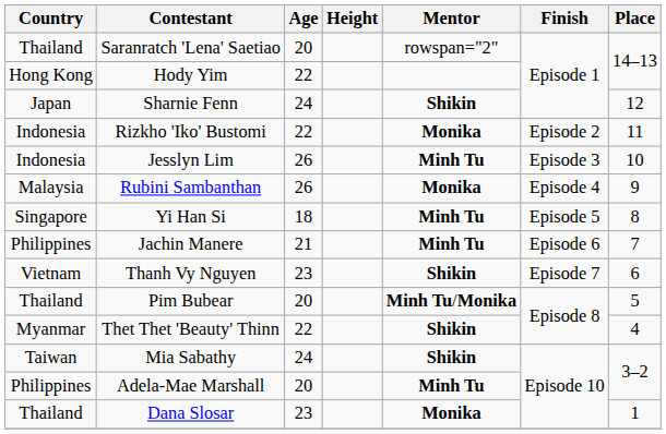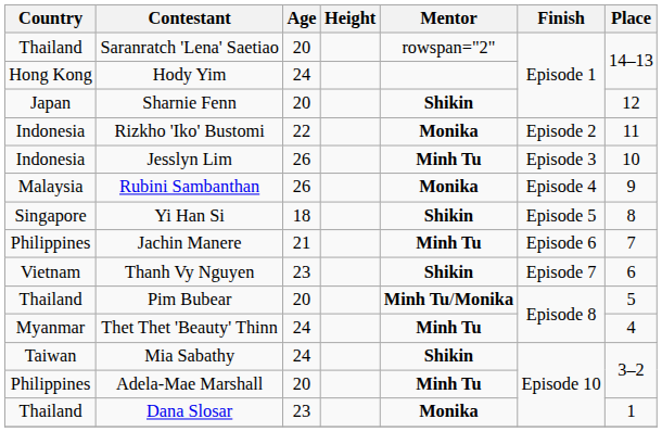 <table class="wikitable sortable" style="text-align:center;">
 <tr>
 <th>Country</th>
 <th>Contestant</th>
 <th>Age</th>
 <th>Height</th>
 <th>Mentor</th>
 <th>Finish</th>
 <th>Place</th>
 </tr>
 <tr>
 <td>Thailand</td>
 <td>Saranratch 'Lena' Saetiao</td>
 <td>20</td>
 <td></td>
 <td>rowspan="2" </td>
 <td rowspan="3">Episode 1</td>
 <td rowspan="2">14–13</td>
 </tr>
 <tr>
 <td>Hong Kong</td>
 <td>Hody Yim</td>
-<td>22</td>
+<td>24</td>
 <td></td>
 </tr>
 <tr>
 <td>Japan</td>
 <td>Sharnie Fenn</td>
-<td>24</td>
+<td>20</td>
 <td></td>
 <td><strong><span>Shikin</span></strong></td>
 <td>12</td>
 </tr>
 <tr>
 <td>Indonesia</td>
 <td>Rizkho 'Iko' Bustomi</td>
 <td>22</td>
 <td></td>
 <td><strong><span>Monika</span></strong></td>
 <td>Episode 2</td>
 <td>11</td>
 </tr>
 <tr>
 <td>Indonesia</td>
 <td>Jesslyn Lim</td>
 <td>26</td>
 <td></td>
 <td><strong><span>Minh Tu</span></strong></td>
 <td>Episode 3</td>
 <td>10</td>
 </tr>
 <tr>
 <td>Malaysia</td>
 <td><a href='#'>Rubini Sambanthan</a></td>
 <td>26</td>
 <td></td>
 <td><strong><span>Monika</span></strong></td>
 <td>Episode 4</td>
 <td>9</td>
 </tr>
 <tr>
 <td>Singapore</td>
 <td>Yi Han Si</td>
 <td>18</td>
 <td></td>
-<td><strong><span>Minh Tu</span></strong></td>
+<td><strong><span>Shikin</span></strong></td>
 <td>Episode 5</td>
 <td>8</td>
 </tr>
 <tr>
 <td>Philippines</td>
 <td>Jachin Manere</td>
 <td>21</td>
 <td></td>
 <td><strong><span>Minh Tu</span></strong></td>
 <td>Episode 6</td>
 <td>7</td>
 </tr>
 <tr>
 <td>Vietnam</td>
 <td>Thanh Vy Nguyen</td>
 <td>23</td>
 <td></td>
 <td><strong><span>Shikin</span></strong></td>
 <td>Episode 7</td>
 <td>6</td>
 </tr>
 <tr>
 <td>Thailand</td>
 <td>Pim Bubear</td>
 <td>20</td>
 <td></td>
 <td><strong><span>Minh Tu</span></strong>/<strong><span>Monika</span></strong></td>
 <td rowspan="2">Episode 8</td>
 <td>5</td>
 </tr>
 <tr>
 <td>Myanmar</td>
 <td>Thet Thet 'Beauty' Thinn</td>
-<td>22</td>
+<td>24</td>
 <td></td>
-<td><strong><span>Shikin</span></strong></td>
+<td><strong><span>Minh Tu</span></strong></td>
 <td>4</td>
 </tr>
 <tr>
 <td>Taiwan</td>
 <td>Mia Sabathy</td>
 <td>24</td>
 <td></td>
 <td><strong><span>Shikin</span></strong></td>
 <td rowspan="3">Episode 10</td>
 <td rowspan="2">3–2</td>
 </tr>
 <tr>
 <td>Philippines</td>
 <td>Adela-Mae Marshall</td>
 <td>20</td>
 <td></td>
 <td><strong><span>Minh Tu</span></strong></td>
 </tr>
 <tr>
 <td>Thailand</td>
 <td><a href='#'>Dana Slosar</a></td>
 <td>23</td>
 <td></td>
 <td><strong><span>Monika</span></strong></td>
 <td>1</td>
 </tr>
 <tr>
 </tr>
 </table>
